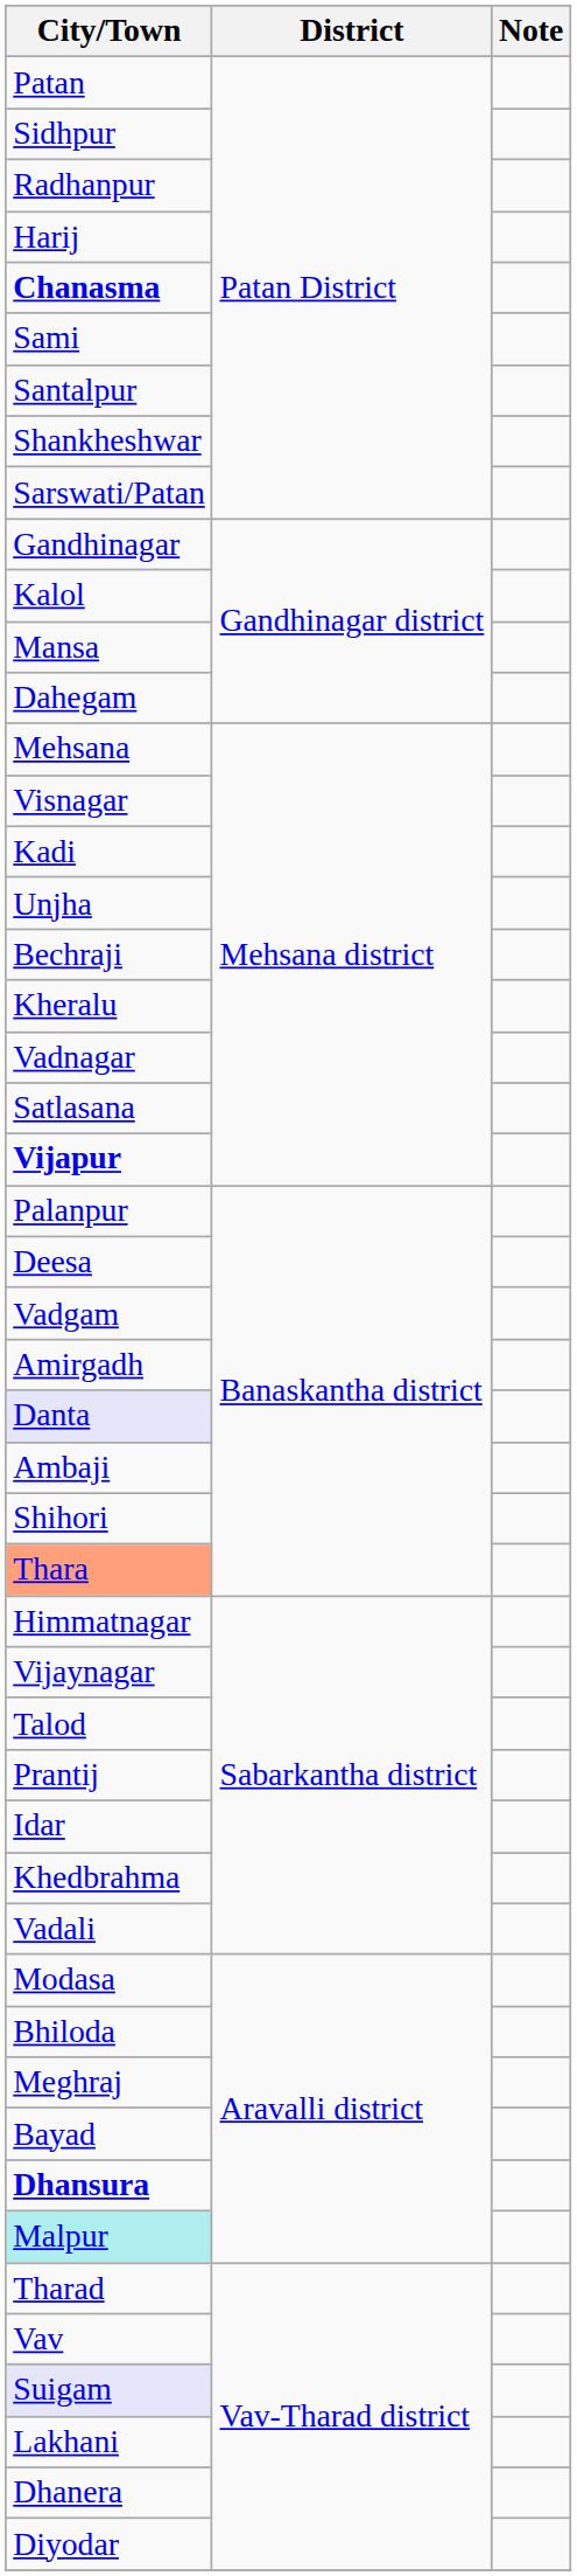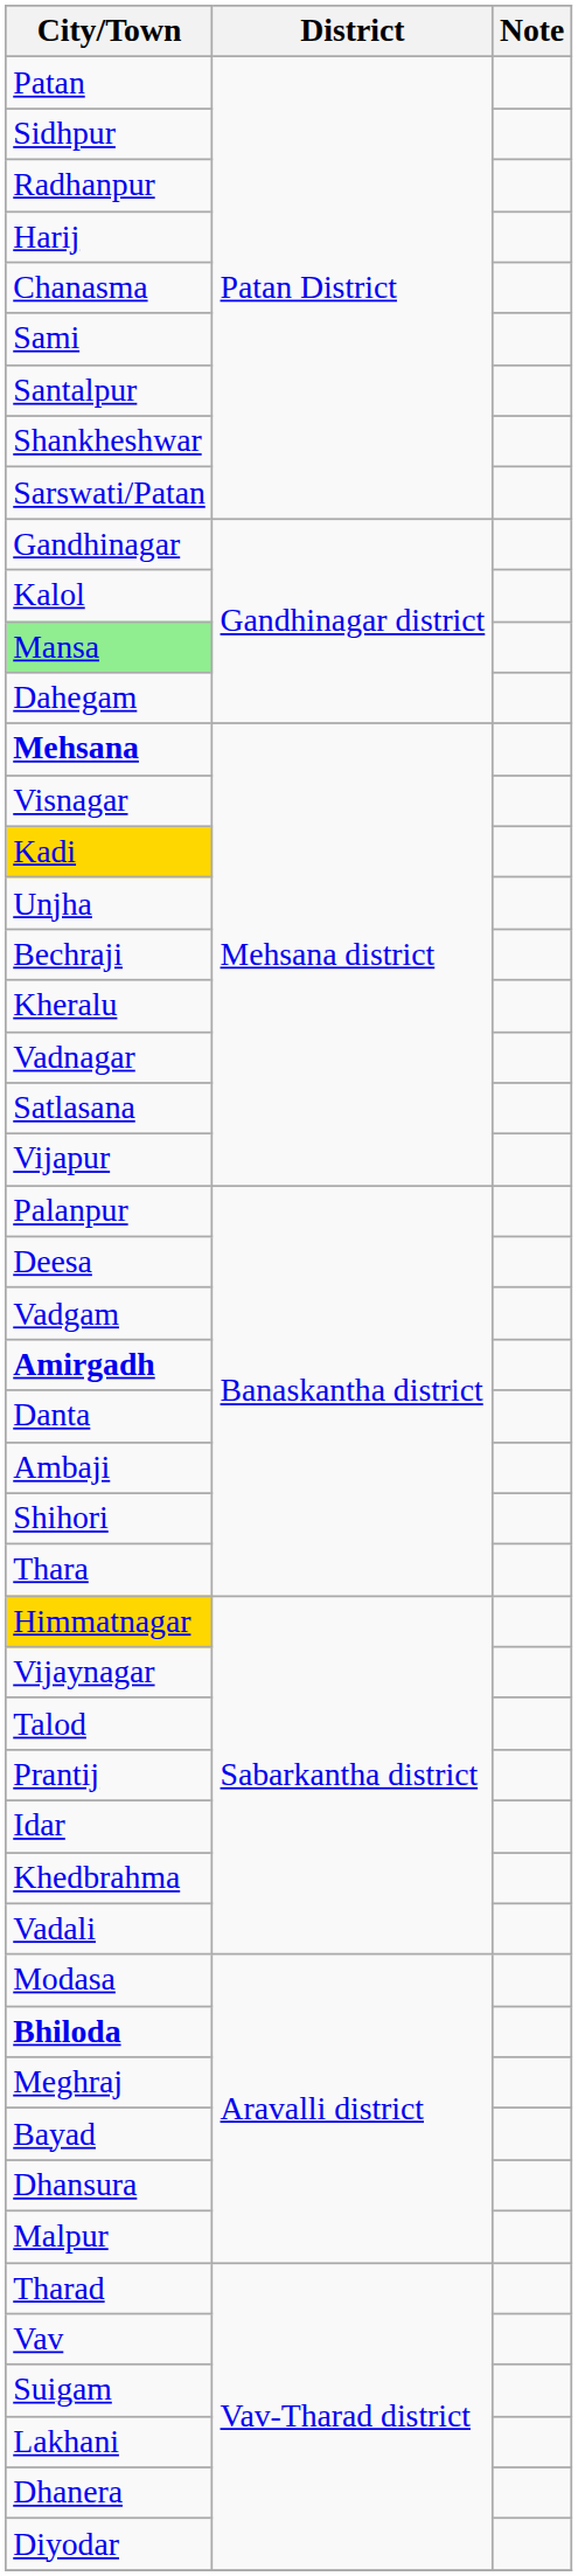 <table class="wikitable sortable">
 <tr>
 <th>City/Town</th>
 <th>District</th>
 <th>Note</th>
 </tr>
 <tr>
 <td><a href='#'>Patan</a></td>
 <td rowspan="9"><a href='#'>Patan District</a></td>
 <td></td>
 </tr>
 <tr>
 <td><a href='#'>Sidhpur</a></td>
 <td></td>
 </tr>
 <tr>
 <td><a href='#'>Radhanpur</a></td>
 <td></td>
 </tr>
 <tr>
 <td><a href='#'>Harij</a></td>
 <td></td>
 </tr>
 <tr>
-<td><strong><a href='#'>Chanasma</a></strong></td>
+<td><a href='#'>Chanasma</a></td>
 <td></td>
 </tr>
 <tr>
 <td><a href='#'>Sami</a></td>
 <td></td>
 </tr>
 <tr>
 <td><a href='#'>Santalpur</a></td>
 <td></td>
 </tr>
 <tr>
 <td><a href='#'>Shankheshwar</a></td>
 <td></td>
 </tr>
 <tr>
 <td><a href='#'>Sarswati/Patan</a></td>
 <td></td>
 </tr>
 <tr>
 <td><a href='#'>Gandhinagar</a></td>
 <td rowspan="4"><a href='#'>Gandhinagar district</a></td>
 <td></td>
 </tr>
 <tr>
 <td><a href='#'>Kalol</a></td>
 <td></td>
 </tr>
 <tr>
-<td><a href='#'>Mansa</a></td>
+<td style="background: lightgreen;"><a href='#'>Mansa</a></td>
 <td></td>
 </tr>
 <tr>
 <td><a href='#'>Dahegam</a></td>
 <td></td>
 </tr>
 <tr>
-<td><a href='#'>Mehsana</a></td>
+<td><strong><a href='#'>Mehsana</a></strong></td>
 <td rowspan="9"><a href='#'>Mehsana district</a></td>
 <td></td>
 </tr>
 <tr>
 <td><a href='#'>Visnagar</a></td>
 <td></td>
 </tr>
 <tr>
-<td><a href='#'>Kadi</a></td>
+<td style="background: gold;"><a href='#'>Kadi</a></td>
 <td></td>
 </tr>
 <tr>
 <td><a href='#'>Unjha</a></td>
 <td></td>
 </tr>
 <tr>
 <td><a href='#'>Bechraji</a></td>
 <td></td>
 </tr>
 <tr>
 <td><a href='#'>Kheralu</a></td>
 <td></td>
 </tr>
 <tr>
 <td><a href='#'>Vadnagar</a></td>
 <td></td>
 </tr>
 <tr>
 <td><a href='#'>Satlasana</a></td>
 <td></td>
 </tr>
 <tr>
-<td><strong><a href='#'>Vijapur</a></strong></td>
+<td><a href='#'>Vijapur</a></td>
 <td></td>
 </tr>
 <tr>
 <td><a href='#'>Palanpur</a></td>
 <td rowspan="8"><a href='#'>Banaskantha district</a></td>
 <td></td>
 </tr>
 <tr>
 <td><a href='#'>Deesa</a></td>
 <td></td>
 </tr>
 <tr>
 <td><a href='#'>Vadgam</a></td>
 <td></td>
 </tr>
 <tr>
-<td><a href='#'>Amirgadh</a></td>
+<td><strong><a href='#'>Amirgadh</a></strong></td>
 <td></td>
 </tr>
 <tr>
-<td style="background: lavender;"><a href='#'>Danta</a></td>
+<td><a href='#'>Danta</a></td>
 <td></td>
 </tr>
 <tr>
 <td><a href='#'>Ambaji</a></td>
 <td></td>
 </tr>
 <tr>
 <td><a href='#'>Shihori</a></td>
 <td></td>
 </tr>
 <tr>
-<td style="background: lightsalmon;"><a href='#'>Thara</a></td>
+<td><a href='#'>Thara</a></td>
 <td></td>
 </tr>
 <tr>
-<td><a href='#'>Himmatnagar</a></td>
+<td style="background: gold;"><a href='#'>Himmatnagar</a></td>
 <td rowspan="7"><a href='#'>Sabarkantha district</a></td>
 <td></td>
 </tr>
 <tr>
 <td><a href='#'>Vijaynagar</a></td>
 <td></td>
 </tr>
 <tr>
 <td><a href='#'>Talod</a></td>
 <td></td>
 </tr>
 <tr>
 <td><a href='#'>Prantij</a></td>
 <td></td>
 </tr>
 <tr>
 <td><a href='#'>Idar</a></td>
 <td></td>
 </tr>
 <tr>
 <td><a href='#'>Khedbrahma</a></td>
 <td></td>
 </tr>
 <tr>
 <td><a href='#'>Vadali</a></td>
 <td></td>
 </tr>
 <tr>
 <td><a href='#'>Modasa</a></td>
 <td rowspan="6"><a href='#'>Aravalli district</a></td>
 <td></td>
 </tr>
 <tr>
-<td><a href='#'>Bhiloda</a></td>
+<td><strong><a href='#'>Bhiloda</a></strong></td>
 <td></td>
 </tr>
 <tr>
 <td><a href='#'>Meghraj</a></td>
 <td></td>
 </tr>
 <tr>
 <td><a href='#'>Bayad</a></td>
 <td></td>
 </tr>
 <tr>
-<td><strong><a href='#'>Dhansura</a></strong></td>
+<td><a href='#'>Dhansura</a></td>
 <td></td>
 </tr>
 <tr>
-<td style="background: paleturquoise;"><a href='#'>Malpur</a></td>
+<td><a href='#'>Malpur</a></td>
 <td></td>
 </tr>
 <tr>
 <td><a href='#'>Tharad</a></td>
 <td rowspan="6"><a href='#'>Vav-Tharad district</a></td>
 <td></td>
 </tr>
 <tr>
 <td><a href='#'>Vav</a></td>
 <td></td>
 </tr>
 <tr>
-<td style="background: lavender;"><a href='#'>Suigam</a></td>
+<td><a href='#'>Suigam</a></td>
 <td></td>
 </tr>
 <tr>
 <td><a href='#'>Lakhani</a></td>
 <td></td>
 </tr>
 <tr>
 <td><a href='#'>Dhanera</a></td>
 <td></td>
 </tr>
 <tr>
 <td><a href='#'>Diyodar</a></td>
 <td></td>
 </tr>
 <tr>
 </tr>
 </table>
